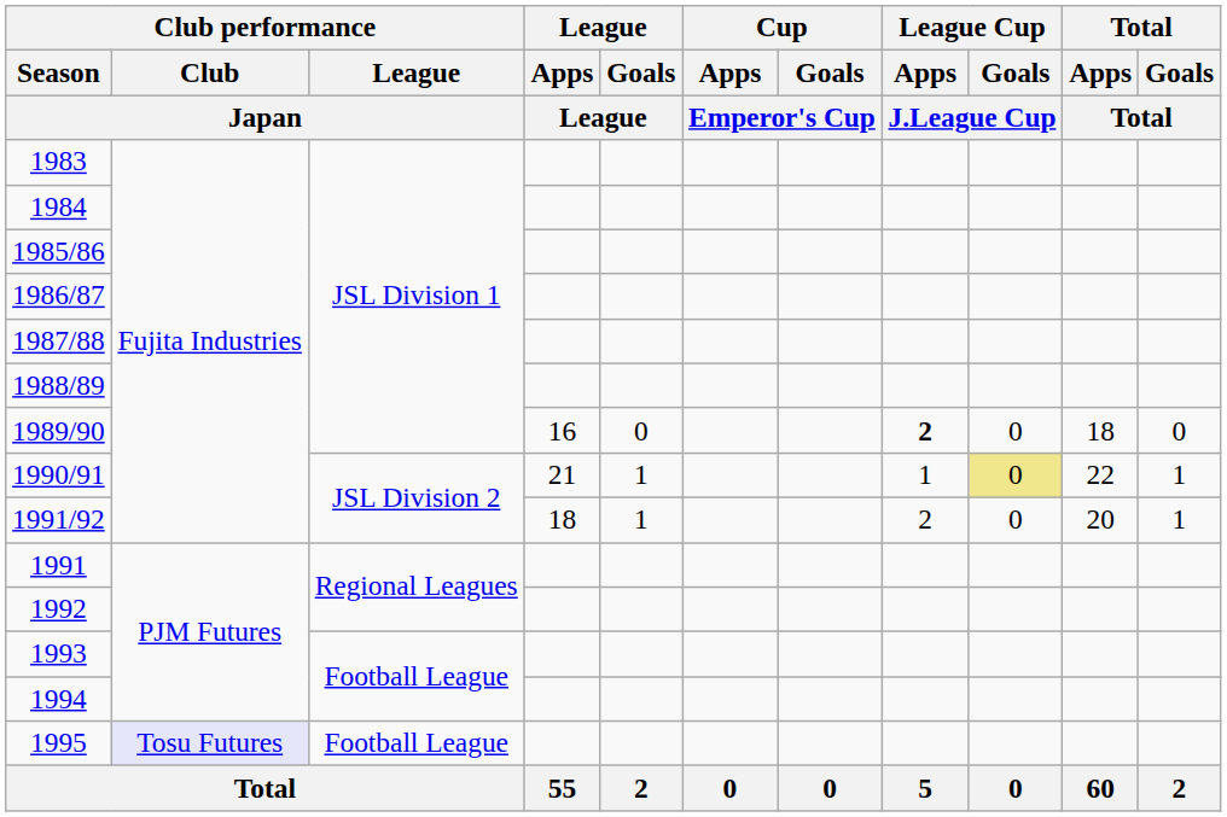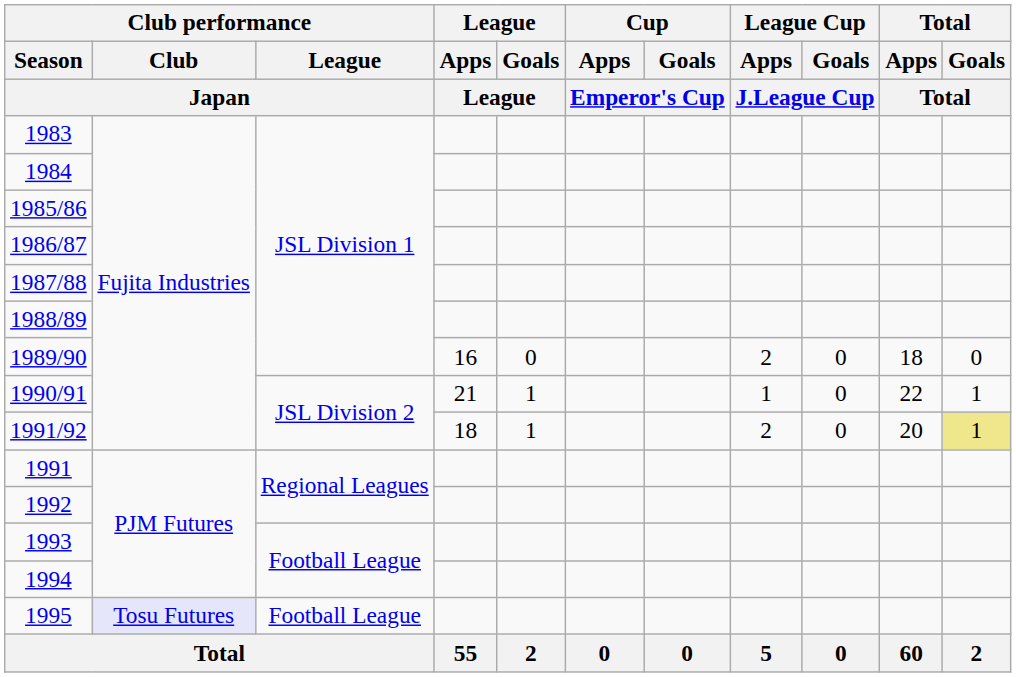 <table class="wikitable" style="text-align:center;">
 <tr>
 <th colspan=3>Club performance</th>
 <th colspan=2>League</th>
 <th colspan=2>Cup</th>
 <th colspan=2>League Cup</th>
 <th colspan=2>Total</th>
 </tr>
 <tr>
 <th>Season</th>
 <th>Club</th>
 <th>League</th>
 <th>Apps</th>
 <th>Goals</th>
 <th>Apps</th>
 <th>Goals</th>
 <th>Apps</th>
 <th>Goals</th>
 <th>Apps</th>
 <th>Goals</th>
 </tr>
 <tr>
 <th colspan=3>Japan</th>
 <th colspan=2>League</th>
 <th colspan=2><a href='#'>Emperor's Cup</a></th>
 <th colspan=2><a href='#'>J.League Cup</a></th>
 <th colspan=2>Total</th>
 </tr>
 <tr>
 <td><a href='#'>1983</a></td>
 <td rowspan="9"><a href='#'>Fujita Industries</a></td>
 <td rowspan="7"><a href='#'>JSL Division 1</a></td>
 <td></td>
 <td></td>
 <td></td>
 <td></td>
 <td></td>
 <td></td>
 <td></td>
 <td></td>
 </tr>
 <tr>
 <td><a href='#'>1984</a></td>
 <td></td>
 <td></td>
 <td></td>
 <td></td>
 <td></td>
 <td></td>
 <td></td>
 <td></td>
 </tr>
 <tr>
 <td><a href='#'>1985/86</a></td>
 <td></td>
 <td></td>
 <td></td>
 <td></td>
 <td></td>
 <td></td>
 <td></td>
 <td></td>
 </tr>
 <tr>
 <td><a href='#'>1986/87</a></td>
 <td></td>
 <td></td>
 <td></td>
 <td></td>
 <td></td>
 <td></td>
 <td></td>
 <td></td>
 </tr>
 <tr>
 <td><a href='#'>1987/88</a></td>
 <td></td>
 <td></td>
 <td></td>
 <td></td>
 <td></td>
 <td></td>
 <td></td>
 <td></td>
 </tr>
 <tr>
 <td><a href='#'>1988/89</a></td>
 <td></td>
 <td></td>
 <td></td>
 <td></td>
 <td></td>
 <td></td>
 <td></td>
 <td></td>
 </tr>
 <tr>
 <td><a href='#'>1989/90</a></td>
 <td>16</td>
 <td>0</td>
 <td></td>
 <td></td>
-<td><strong>2</strong></td>
+<td>2</td>
 <td>0</td>
 <td>18</td>
 <td>0</td>
 </tr>
 <tr>
 <td><a href='#'>1990/91</a></td>
 <td rowspan="2"><a href='#'>JSL Division 2</a></td>
 <td>21</td>
 <td>1</td>
 <td></td>
 <td></td>
 <td>1</td>
-<td style="background: khaki;">0</td>
+<td>0</td>
 <td>22</td>
 <td>1</td>
 </tr>
 <tr>
 <td><a href='#'>1991/92</a></td>
 <td>18</td>
 <td>1</td>
 <td></td>
 <td></td>
 <td>2</td>
 <td>0</td>
 <td>20</td>
-<td>1</td>
+<td style="background: khaki;">1</td>
 </tr>
 <tr>
 <td><a href='#'>1991</a></td>
 <td rowspan="4"><a href='#'>PJM Futures</a></td>
 <td rowspan="2"><a href='#'>Regional Leagues</a></td>
 <td></td>
 <td></td>
 <td></td>
 <td></td>
 <td></td>
 <td></td>
 <td></td>
 <td></td>
 </tr>
 <tr>
 <td><a href='#'>1992</a></td>
 <td></td>
 <td></td>
 <td></td>
 <td></td>
 <td></td>
 <td></td>
 <td></td>
 <td></td>
 </tr>
 <tr>
 <td><a href='#'>1993</a></td>
 <td rowspan="2"><a href='#'>Football League</a></td>
 <td></td>
 <td></td>
 <td></td>
 <td></td>
 <td></td>
 <td></td>
 <td></td>
 <td></td>
 </tr>
 <tr>
 <td><a href='#'>1994</a></td>
 <td></td>
 <td></td>
 <td></td>
 <td></td>
 <td></td>
 <td></td>
 <td></td>
 <td></td>
 </tr>
 <tr>
 <td><a href='#'>1995</a></td>
 <td style="background: lavender;"><a href='#'>Tosu Futures</a></td>
 <td><a href='#'>Football League</a></td>
 <td></td>
 <td></td>
 <td></td>
 <td></td>
 <td></td>
 <td></td>
 <td></td>
 <td></td>
 </tr>
 <tr>
 <th colspan=3>Total</th>
 <th>55</th>
 <th>2</th>
 <th>0</th>
 <th>0</th>
 <th>5</th>
 <th>0</th>
 <th>60</th>
 <th>2</th>
 </tr>
 </table>
